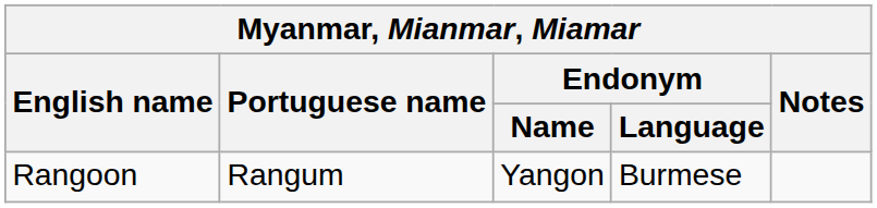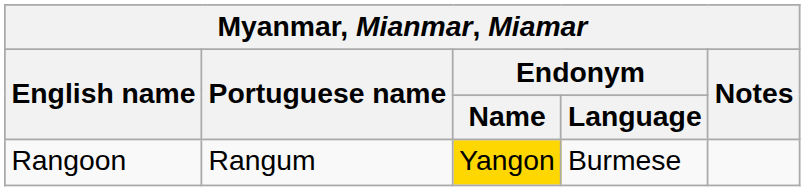 <table class="wikitable sortable">
 <tr>
 <th colspan="5"> Myanmar, <em>Mianmar</em>, <em>Miamar</em></th>
 </tr>
 <tr>
 <th rowspan="2">English name</th>
 <th rowspan="2">Portuguese name</th>
 <th colspan="2">Endonym</th>
 <th rowspan="2">Notes</th>
 </tr>
 <tr>
 <th>Name</th>
 <th>Language</th>
 </tr>
 <tr>
 <td>Rangoon</td>
 <td>Rangum</td>
-<td>Yangon</td>
+<td style="background: gold;">Yangon</td>
 <td>Burmese</td>
 <td></td>
 </tr>
 </table>
